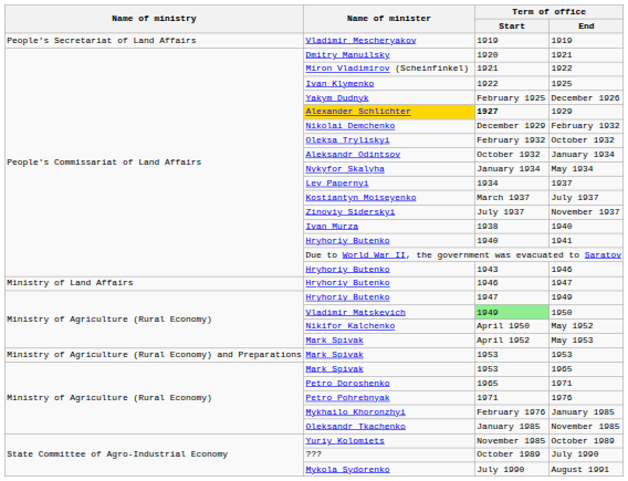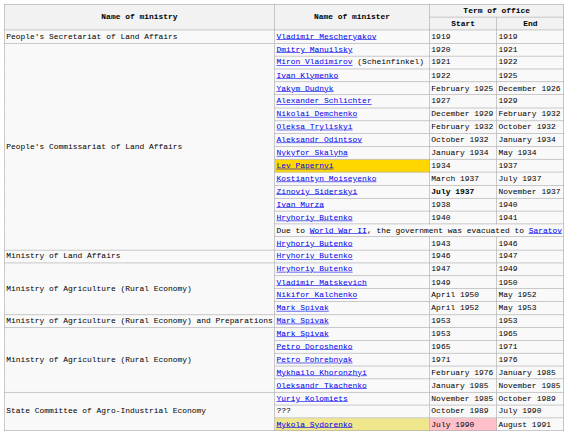 <table class="wikitable">
 <tr>
 <th rowspan="2">Name of ministry</th>
 <th rowspan="2">Name of minister</th>
 <th colspan="2">Term of office</th>
 </tr>
 <tr>
 <th>Start</th>
 <th>End</th>
 </tr>
 <tr>
 <td>People's Secretariat of Land Affairs</td>
 <td><a href='#'>Vladimir Mescheryakov</a></td>
 <td>1919</td>
 <td>1919</td>
 </tr>
 <tr>
 <td rowspan="16">People's Commissariat of Land Affairs</td>
 <td><a href='#'>Dmitry Manuilsky</a></td>
 <td>1920</td>
 <td>1921</td>
 </tr>
 <tr>
 <td><a href='#'>Miron Vladimirov</a> (Scheinfinkel)</td>
 <td>1921</td>
 <td>1922</td>
 </tr>
 <tr>
 <td><a href='#'>Ivan Klymenko</a></td>
 <td>1922</td>
 <td>1925</td>
 </tr>
 <tr>
 <td><a href='#'>Yakym Dudnyk</a></td>
 <td>February 1925</td>
 <td>December 1926</td>
 </tr>
 <tr>
-<td style="background: gold;"><a href='#'>Alexander Schlichter</a></td>
-<td><strong>1927</strong></td>
+<td><a href='#'>Alexander Schlichter</a></td>
+<td>1927</td>
 <td>1929</td>
 </tr>
 <tr>
 <td><a href='#'>Nikolai Demchenko</a></td>
 <td>December 1929</td>
 <td>February 1932</td>
 </tr>
 <tr>
 <td><a href='#'>Oleksa Tryliskyi</a></td>
 <td>February 1932</td>
 <td>October 1932</td>
 </tr>
 <tr>
 <td><a href='#'>Aleksandr Odintsov</a></td>
 <td>October 1932</td>
 <td>January 1934</td>
 </tr>
 <tr>
 <td><a href='#'>Nykyfor Skalyha</a></td>
 <td>January 1934</td>
 <td>May 1934</td>
 </tr>
 <tr>
-<td><a href='#'>Lev Papernyi</a></td>
+<td style="background: gold;"><a href='#'>Lev Papernyi</a></td>
 <td>1934</td>
 <td>1937</td>
 </tr>
 <tr>
 <td><a href='#'>Kostiantyn Moiseyenko</a></td>
 <td>March 1937</td>
 <td>July 1937</td>
 </tr>
 <tr>
 <td><a href='#'>Zinoviy Siderskyi</a></td>
-<td>July 1937</td>
+<td><strong>July 1937</strong></td>
 <td>November 1937</td>
 </tr>
 <tr>
 <td><a href='#'>Ivan Murza</a></td>
 <td>1938</td>
 <td>1940</td>
 </tr>
 <tr>
 <td><a href='#'>Hryhoriy Butenko</a></td>
 <td>1940</td>
 <td>1941</td>
 </tr>
 <tr>
 <td colspan=3 align=center>Due to <a href='#'>World War II</a>, the government was evacuated to <a href='#'>Saratov</a></td>
 </tr>
 <tr>
 <td><a href='#'>Hryhoriy Butenko</a></td>
 <td>1943</td>
 <td>1946</td>
 </tr>
 <tr>
 <td>Ministry of Land Affairs</td>
 <td><a href='#'>Hryhoriy Butenko</a></td>
 <td>1946</td>
 <td>1947</td>
 </tr>
 <tr>
 <td rowspan=4>Ministry of Agriculture (Rural Economy)</td>
 <td><a href='#'>Hryhoriy Butenko</a></td>
 <td>1947</td>
 <td>1949</td>
 </tr>
 <tr>
 <td><a href='#'>Vladimir Matskevich</a></td>
-<td style="background: lightgreen;">1949</td>
+<td>1949</td>
 <td>1950</td>
 </tr>
 <tr>
 <td><a href='#'>Nikifor Kalchenko</a></td>
 <td>April 1950</td>
 <td>May 1952</td>
 </tr>
 <tr>
 <td><a href='#'>Mark Spivak</a></td>
 <td>April 1952</td>
 <td>May 1953</td>
 </tr>
 <tr>
 <td>Ministry of Agriculture (Rural Economy) and Preparations</td>
 <td><a href='#'>Mark Spivak</a></td>
 <td>1953</td>
 <td>1953</td>
 </tr>
 <tr>
 <td rowspan=5>Ministry of Agriculture (Rural Economy)</td>
 <td><a href='#'>Mark Spivak</a></td>
 <td>1953</td>
 <td>1965</td>
 </tr>
 <tr>
 <td><a href='#'>Petro Doroshenko</a></td>
 <td>1965</td>
 <td>1971</td>
 </tr>
 <tr>
 <td><a href='#'>Petro Pohrebnyak</a></td>
 <td>1971</td>
 <td>1976</td>
 </tr>
 <tr>
 <td><a href='#'>Mykhailo Khoronzhyi</a></td>
 <td>February 1976</td>
 <td>January 1985</td>
 </tr>
 <tr>
 <td><a href='#'>Oleksandr Tkachenko</a></td>
 <td>January 1985</td>
 <td>November 1985</td>
 </tr>
 <tr>
 <td rowspan=3>State Committee of Agro-Industrial Economy</td>
 <td><a href='#'>Yuriy Kolomiets</a></td>
 <td>November 1985</td>
 <td>October 1989</td>
 </tr>
 <tr>
 <td>???</td>
 <td>October 1989</td>
 <td>July 1990</td>
 </tr>
 <tr>
-<td><a href='#'>Mykola Sydorenko</a></td>
-<td>July 1990</td>
+<td style="background: khaki;"><a href='#'>Mykola Sydorenko</a></td>
+<td style="background: pink;">July 1990</td>
 <td>August 1991</td>
 </tr>
 </table>
